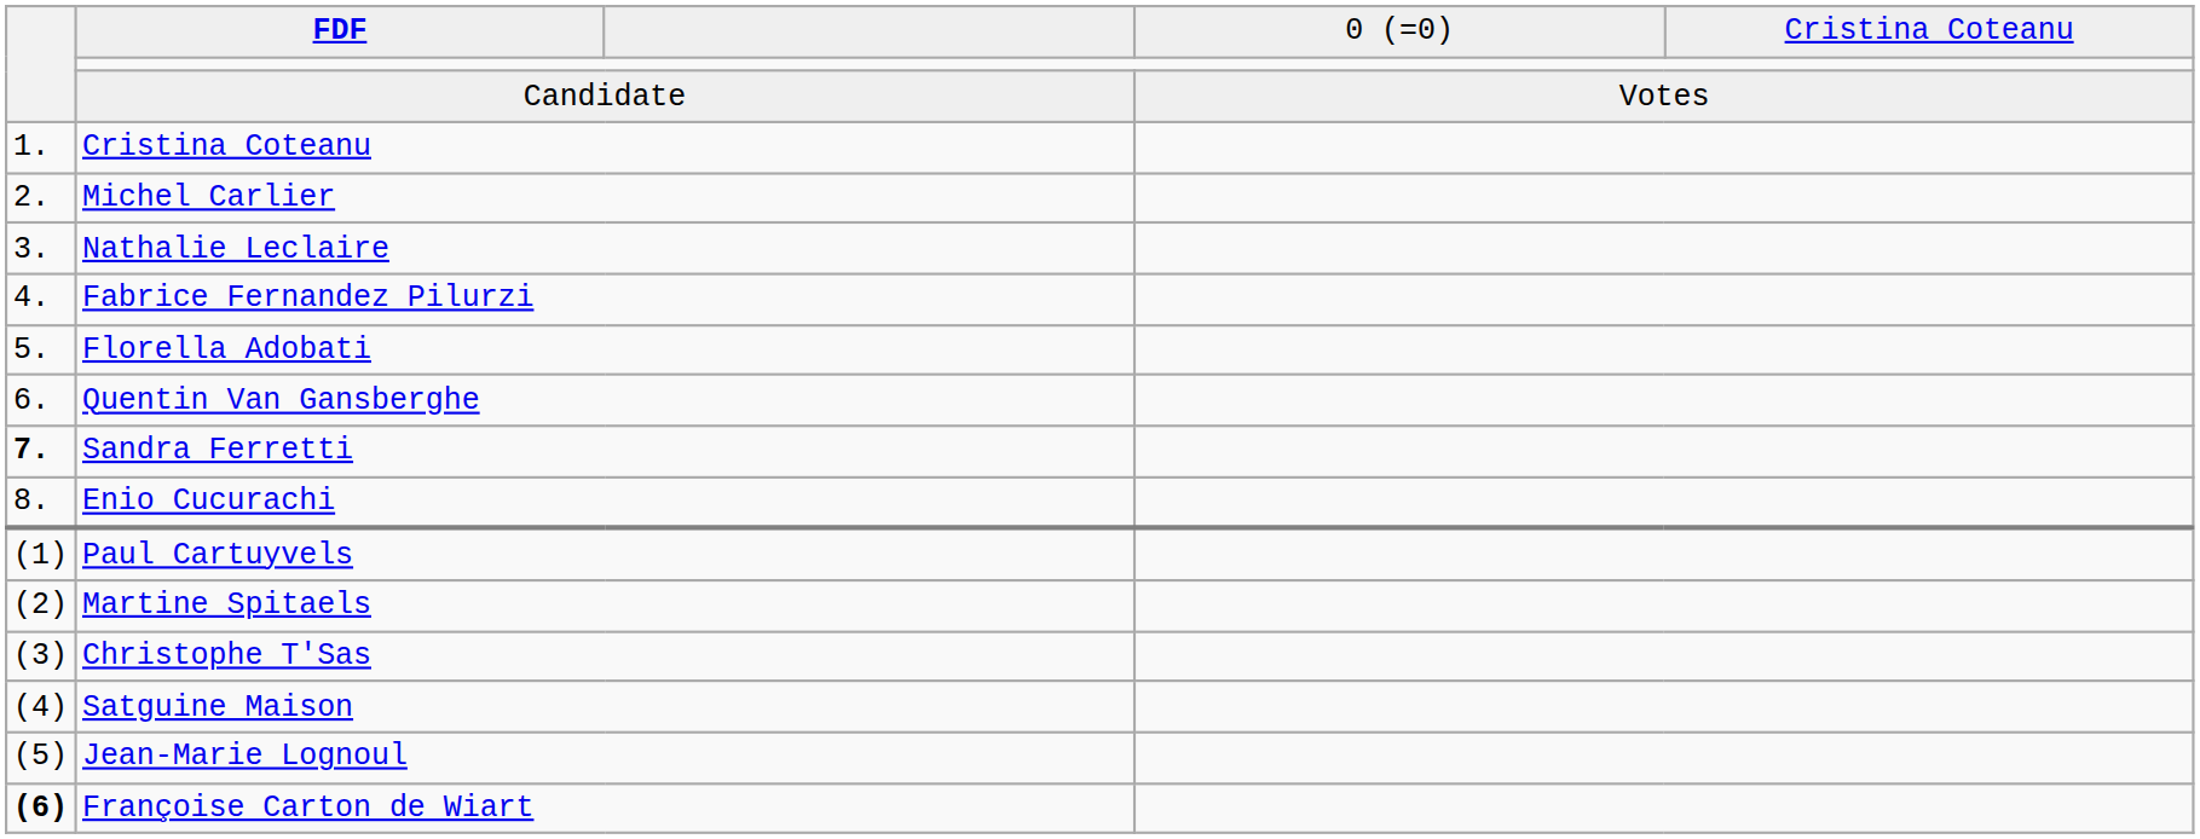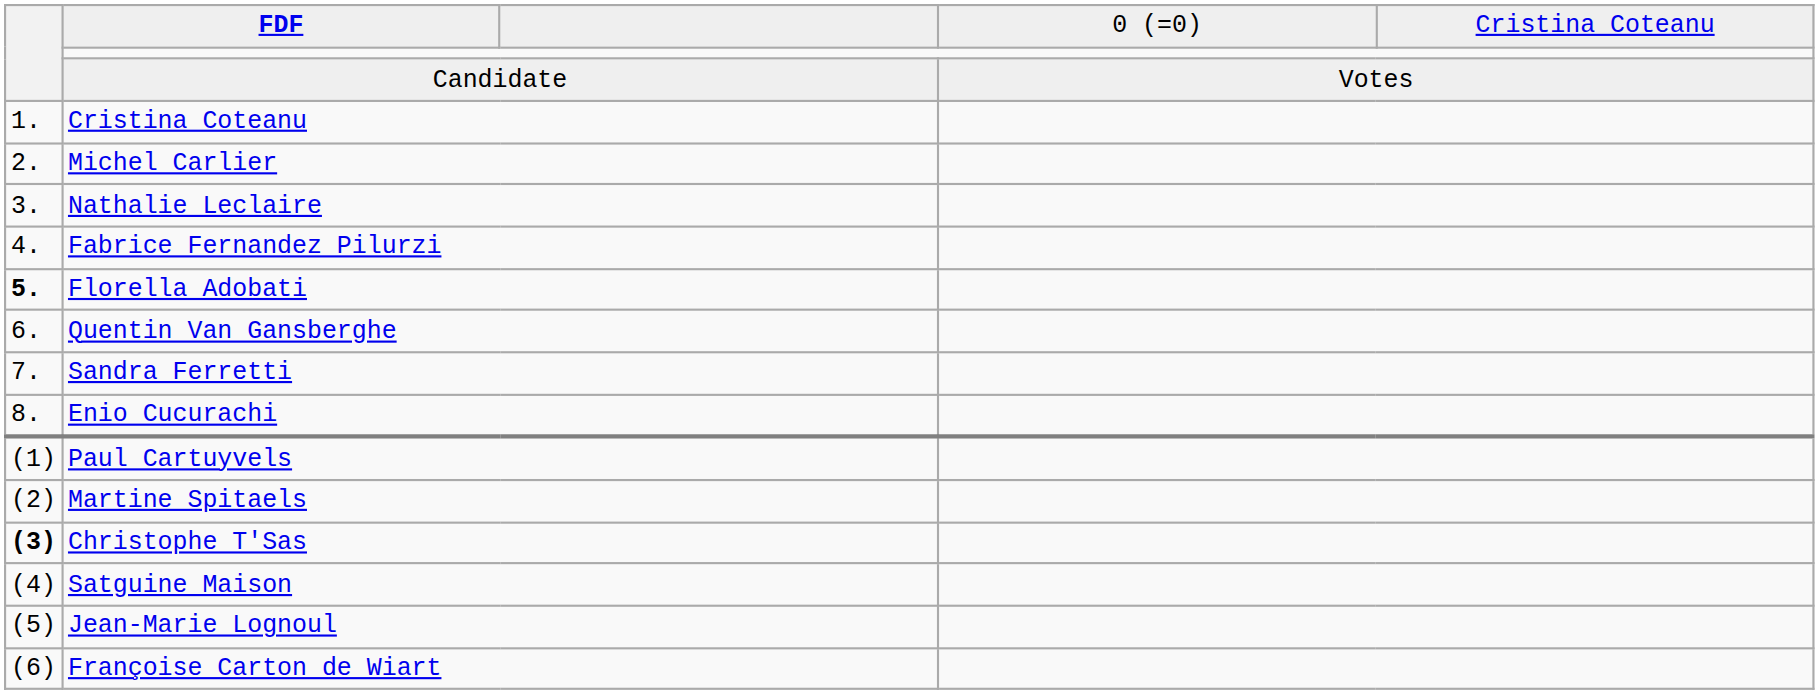 <table class="wikitable collapsible collapsed" style=text-align:left;font-size:90%>
 <tr>
 <th rowspan=3></th>
 <td bgcolor=efefef width=200 align=center><strong> <a href='#'>FDF</a></strong></td>
 <td bgcolor=efefef width=200 align=center></td>
 <td bgcolor=efefef width=200 align=center>0 (=0)</td>
 <td bgcolor=efefef width=200 align=center><a href='#'>Cristina Coteanu</a></td>
 </tr>
 <tr>
 <td colspan=4 bgcolor=></td>
 </tr>
 <tr>
 <td bgcolor=efefef align=center colspan=2>Candidate</td>
 <td bgcolor=efefef align=center colspan=2>Votes</td>
 </tr>
 <tr>
 <td>1.</td>
 <td colspan=2><a href='#'>Cristina Coteanu</a></td>
 <td colspan=2></td>
 </tr>
 <tr>
 <td>2.</td>
 <td colspan=2><a href='#'>Michel Carlier</a></td>
 <td colspan=2></td>
 </tr>
 <tr>
 <td>3.</td>
 <td colspan=2><a href='#'>Nathalie Leclaire</a></td>
 <td colspan=2></td>
 </tr>
 <tr>
 <td>4.</td>
 <td colspan=2><a href='#'>Fabrice Fernandez Pilurzi</a></td>
 <td colspan=2></td>
 </tr>
 <tr>
-<td>5.</td>
+<td><strong>5.</strong></td>
 <td colspan=2><a href='#'>Florella Adobati</a></td>
 <td colspan=2></td>
 </tr>
 <tr>
 <td>6.</td>
 <td colspan=2><a href='#'>Quentin Van Gansberghe</a></td>
 <td colspan=2></td>
 </tr>
 <tr>
-<td><strong>7.</strong></td>
+<td>7.</td>
 <td colspan=2><a href='#'>Sandra Ferretti</a></td>
 <td colspan=2></td>
 </tr>
 <tr>
 <td>8.</td>
 <td colspan=2><a href='#'>Enio Cucurachi</a></td>
 <td colspan=2></td>
 </tr>
 <tr style="border-top:2px solid gray;">
 <td>(1)</td>
 <td colspan=2><a href='#'>Paul Cartuyvels</a></td>
 <td colspan=2></td>
 </tr>
 <tr>
 <td>(2)</td>
 <td colspan=2><a href='#'>Martine Spitaels</a></td>
 <td colspan=2></td>
 </tr>
 <tr>
-<td>(3)</td>
+<td><strong>(3)</strong></td>
 <td colspan=2><a href='#'>Christophe T'Sas</a></td>
 <td colspan=2></td>
 </tr>
 <tr>
 <td>(4)</td>
 <td colspan=2><a href='#'>Satguine Maison</a></td>
 <td colspan=2></td>
 </tr>
 <tr>
 <td>(5)</td>
 <td colspan=2><a href='#'>Jean‐Marie Lognoul</a></td>
 <td colspan=2></td>
 </tr>
 <tr>
-<td><strong>(6)</strong></td>
+<td>(6)</td>
 <td colspan=2><a href='#'>Françoise Carton de Wiart</a></td>
 <td colspan=2></td>
 </tr>
 </table>
